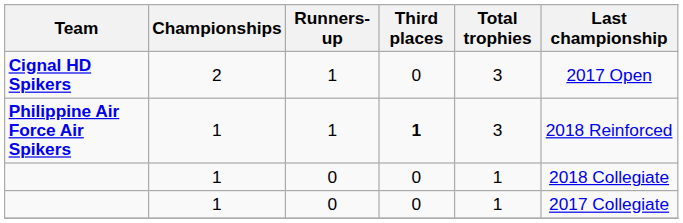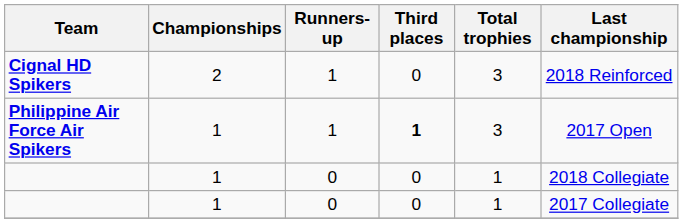 <table class="wikitable sortable" style="font-size:90%; text-align:center" width="90%">
 <tr>
 <th style="width:20em;">Team</th>
 <th style="width:7em;">Championships</th>
 <th style="width:7em;">Runners-up</th>
 <th style="width:7em;">Third places</th>
 <th style="width:7em;">Total trophies</th>
 <th style="width:10em;">Last championship</th>
 </tr>
 <tr>
 <td align=left><strong><a href='#'>Cignal HD Spikers</a></strong></td>
 <td>2</td>
 <td>1</td>
 <td>0</td>
 <td>3</td>
-<td><a href='#'>2017 Open</a></td>
+<td><a href='#'>2018 Reinforced</a></td>
 </tr>
 <tr>
 <td align=left><strong><a href='#'>Philippine Air Force Air Spikers</a></strong></td>
 <td>1</td>
 <td>1</td>
 <td><strong>1</strong></td>
 <td>3</td>
-<td><a href='#'>2018 Reinforced</a></td>
+<td><a href='#'>2017 Open</a></td>
 </tr>
 <tr>
 <td align=left><strong></strong></td>
 <td>1</td>
 <td>0</td>
 <td>0</td>
 <td>1</td>
 <td><a href='#'>2018 Collegiate</a></td>
 </tr>
 <tr>
 <td align=left><strong></strong></td>
 <td>1</td>
 <td>0</td>
 <td>0</td>
 <td>1</td>
 <td><a href='#'>2017 Collegiate</a></td>
 </tr>
 <tr>
 </tr>
 </table>
